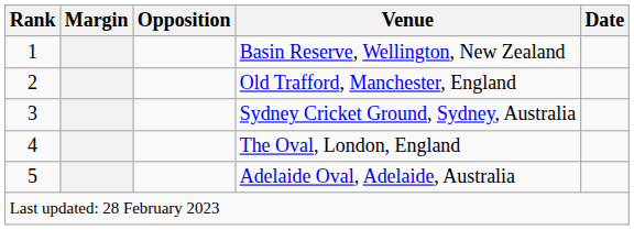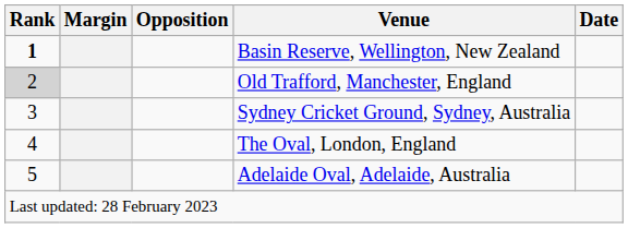 <table class="wikitable plainrowheaders sortable">
 <tr>
 <th scope=col>Rank</th>
 <th scope=col>Margin</th>
 <th scope=col>Opposition</th>
 <th scope=col>Venue</th>
 <th scope=col>Date</th>
 </tr>
 <tr>
-<td align=center>1</td>
+<td align=center><strong>1</strong></td>
 <th scope=row style=text-align:center;></th>
 <td></td>
 <td><a href='#'>Basin Reserve</a>, <a href='#'>Wellington</a>, New Zealand</td>
 <td><a href='#'></a></td>
 </tr>
 <tr>
-<td align=center>2</td>
+<td align=center style="background: lightgrey;">2</td>
 <th scope=row style=text-align:center;></th>
 <td></td>
 <td><a href='#'>Old Trafford</a>, <a href='#'>Manchester</a>, England</td>
 <td><a href='#'></a></td>
 </tr>
 <tr>
 <td align=center>3</td>
 <th scope=row style=text-align:center;></th>
 <td></td>
 <td><a href='#'>Sydney Cricket Ground</a>, <a href='#'>Sydney</a>, Australia</td>
 <td><a href='#'></a></td>
 </tr>
 <tr>
 <td align=center>4</td>
 <th scope=row style=text-align:center;></th>
 <td></td>
 <td><a href='#'>The Oval</a>, London, England</td>
 <td><a href='#'></a></td>
 </tr>
 <tr>
 <td align=center>5</td>
 <th scope=row style=text-align:center;></th>
 <td></td>
 <td><a href='#'>Adelaide Oval</a>, <a href='#'>Adelaide</a>, Australia</td>
 <td><a href='#'></a></td>
 </tr>
 <tr class=sortbottom>
 <td colspan=5><small>Last updated: 28 February 2023</small></td>
 </tr>
 </table>
